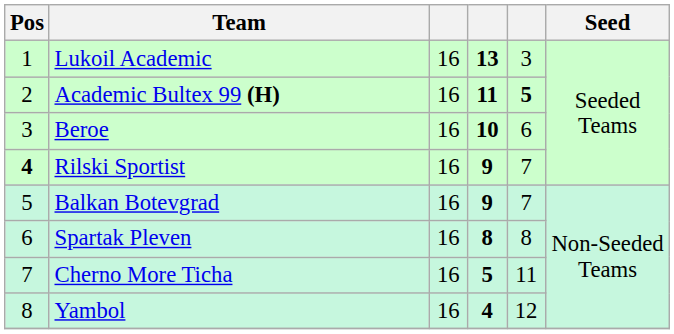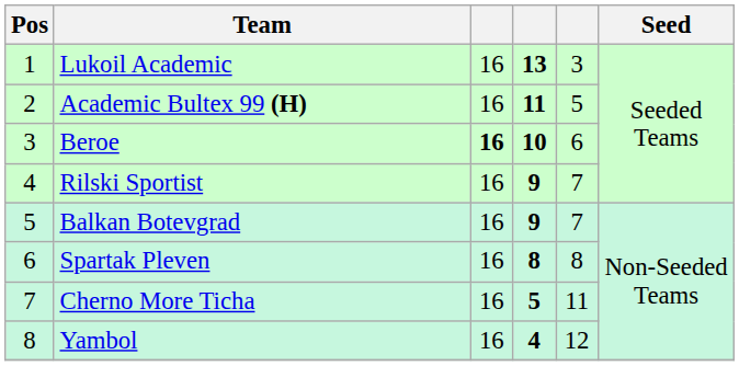 <table class="wikitable" style="text-align: center;">
 <tr>
 <th width=15>Pos</th>
 <th width=260>Team</th>
 <th width=20></th>
 <th width=20></th>
 <th width=20></th>
 <th width=80>Seed</th>
 </tr>
 <tr bgcolor="#cfc">
 <td>1</td>
 <td align="left"><a href='#'>Lukoil Academic</a></td>
 <td>16</td>
 <td><strong>13</strong></td>
 <td>3</td>
 <td rowspan=4>Seeded Teams</td>
 </tr>
 <tr bgcolor="#cfc">
 <td>2</td>
 <td align="left"><a href='#'>Academic Bultex 99</a> <strong>(H)</strong></td>
 <td>16</td>
 <td><strong>11</strong></td>
-<td><strong>5</strong></td>
+<td>5</td>
 </tr>
 <tr bgcolor="#cfc">
 <td>3</td>
 <td align="left"><a href='#'>Beroe</a></td>
-<td>16</td>
+<td><strong>16</strong></td>
 <td><strong>10</strong></td>
 <td>6</td>
 </tr>
 <tr bgcolor="#cfc">
-<td><strong>4</strong></td>
+<td>4</td>
 <td align="left"><a href='#'>Rilski Sportist</a></td>
 <td>16</td>
 <td><strong>9</strong></td>
 <td>7</td>
 </tr>
 <tr bgcolor="#c6f7de">
 <td>5</td>
 <td align="left"><a href='#'>Balkan Botevgrad</a></td>
 <td>16</td>
 <td><strong>9</strong></td>
 <td>7</td>
 <td rowspan=4>Non-Seeded Teams</td>
 </tr>
 <tr bgcolor="#c6f7de">
 <td>6</td>
 <td align="left"><a href='#'>Spartak Pleven</a></td>
 <td>16</td>
 <td><strong>8</strong></td>
 <td>8</td>
 </tr>
 <tr bgcolor="#c6f7de ">
 <td>7</td>
 <td align="left"><a href='#'>Cherno More Ticha</a></td>
 <td>16</td>
 <td><strong>5</strong></td>
 <td>11</td>
 </tr>
 <tr bgcolor="#c6f7de">
 <td>8</td>
 <td align="left"><a href='#'>Yambol</a></td>
 <td>16</td>
 <td><strong>4</strong></td>
 <td>12</td>
 </tr>
 <tr>
 </tr>
 </table>
